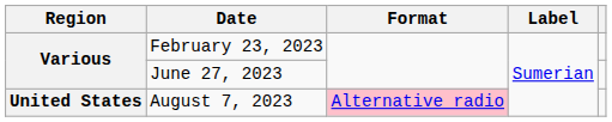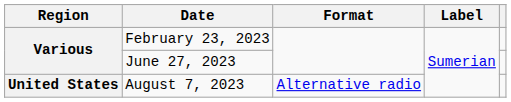 <table class="wikitable plainrowheaders">
 <tr>
 <th scope="col">Region</th>
 <th scope="col">Date</th>
 <th scope="col">Format</th>
 <th scope="col">Label</th>
 <th scope="col"></th>
 </tr>
 <tr>
 <th scope="row" rowspan="2">Various</th>
 <td>February 23, 2023</td>
 <td rowspan="2"></td>
 <td rowspan="3"><a href='#'>Sumerian</a></td>
 <td align="center"></td>
 </tr>
 <tr>
 <td>June 27, 2023</td>
 <td align="center"></td>
 </tr>
 <tr>
 <th scope="row">United States</th>
 <td>August 7, 2023</td>
-<td style="background: pink;"><a href='#'>Alternative radio</a></td>
+<td><a href='#'>Alternative radio</a></td>
 <td align="center"></td>
 </tr>
 </table>
